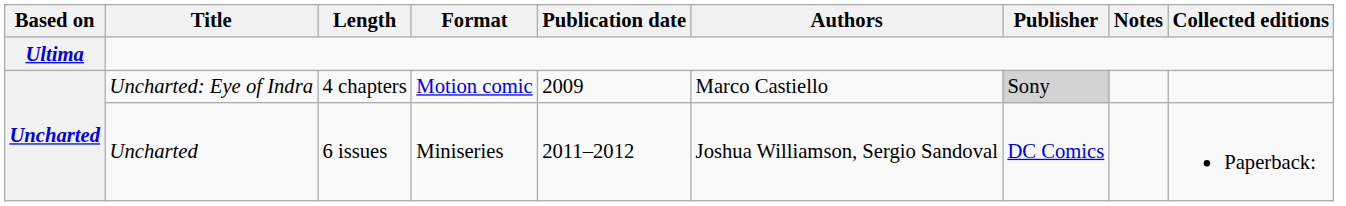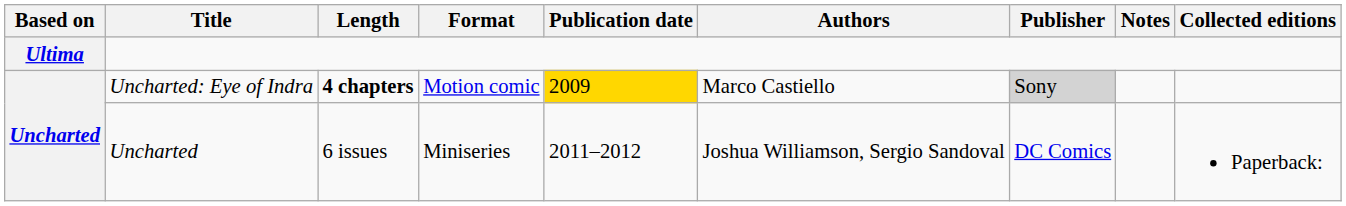 <table class="wikitable mw-collapsible">
 <tr>
 <th>Based on</th>
 <th>Title</th>
 <th>Length</th>
 <th>Format</th>
 <th>Publication date</th>
 <th>Authors</th>
 <th>Publisher</th>
 <th>Notes</th>
 <th>Collected editions</th>
 </tr>
 <tr>
 <th><em><a href='#'>Ultima</a></em></th>
 <td colspan="8"></td>
 </tr>
 <tr>
 <th rowspan="2"><em><a href='#'>Uncharted</a></em></th>
 <td><em>Uncharted: Eye of Indra</em></td>
-<td>4 chapters</td>
+<td><strong>4 chapters</strong></td>
 <td><a href='#'>Motion comic</a></td>
-<td>2009</td>
+<td style="background: gold;">2009</td>
 <td>Marco Castiello</td>
 <td style="background: lightgrey;">Sony</td>
 <td></td>
 <td></td>
 </tr>
 <tr>
 <td><em>Uncharted</em></td>
 <td>6 issues</td>
 <td>Miniseries</td>
 <td>2011–2012</td>
 <td>Joshua Williamson, Sergio Sandoval</td>
 <td><a href='#'>DC Comics</a></td>
 <td></td>
 <td><br><ul><li>Paperback: </li></ul></td>
 </tr>
 </table>
